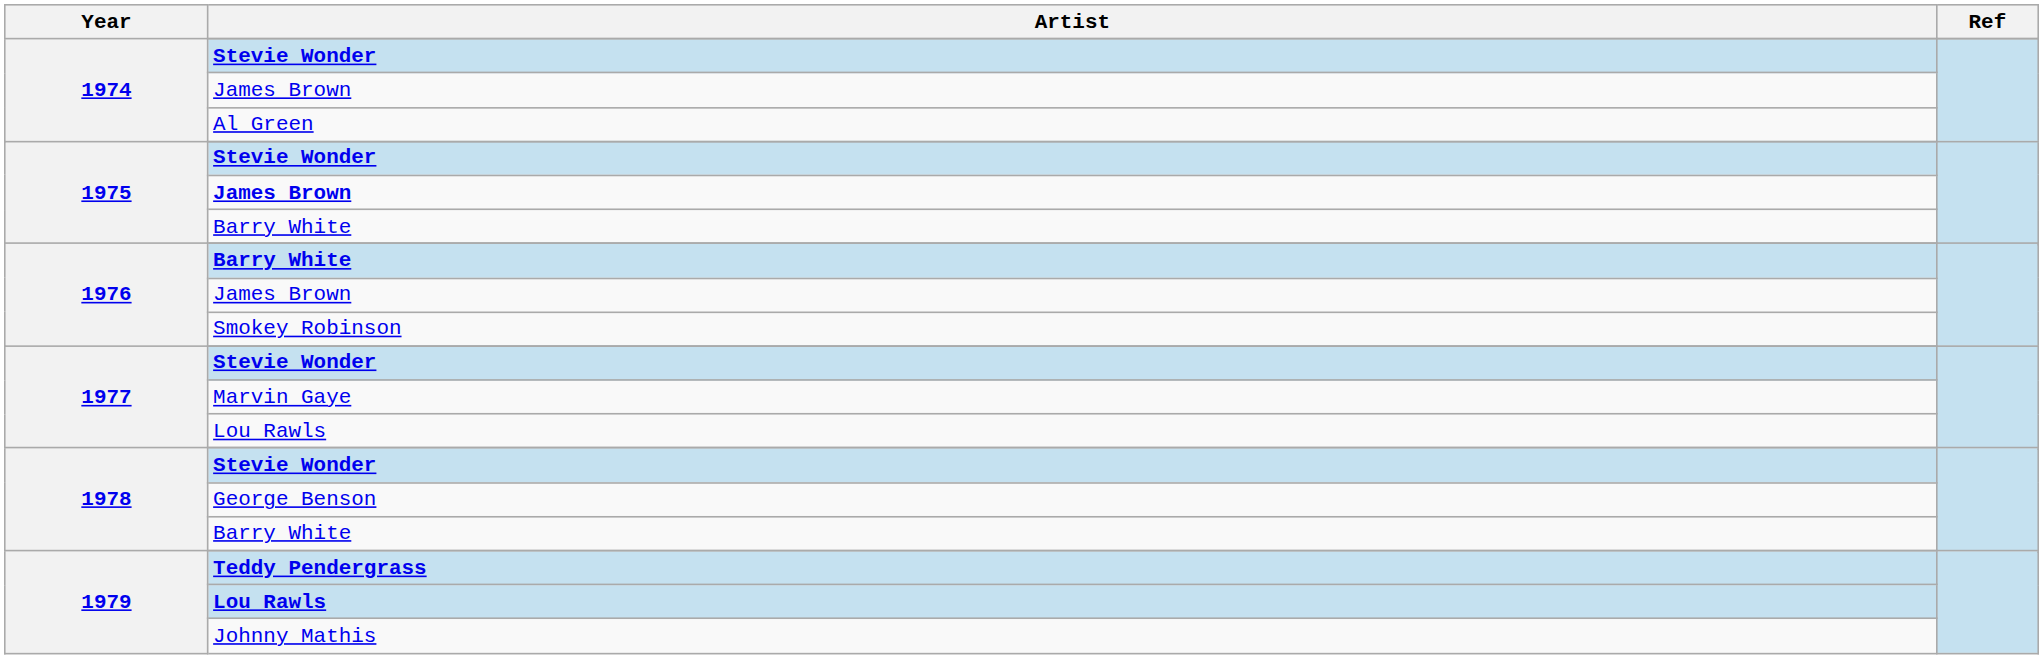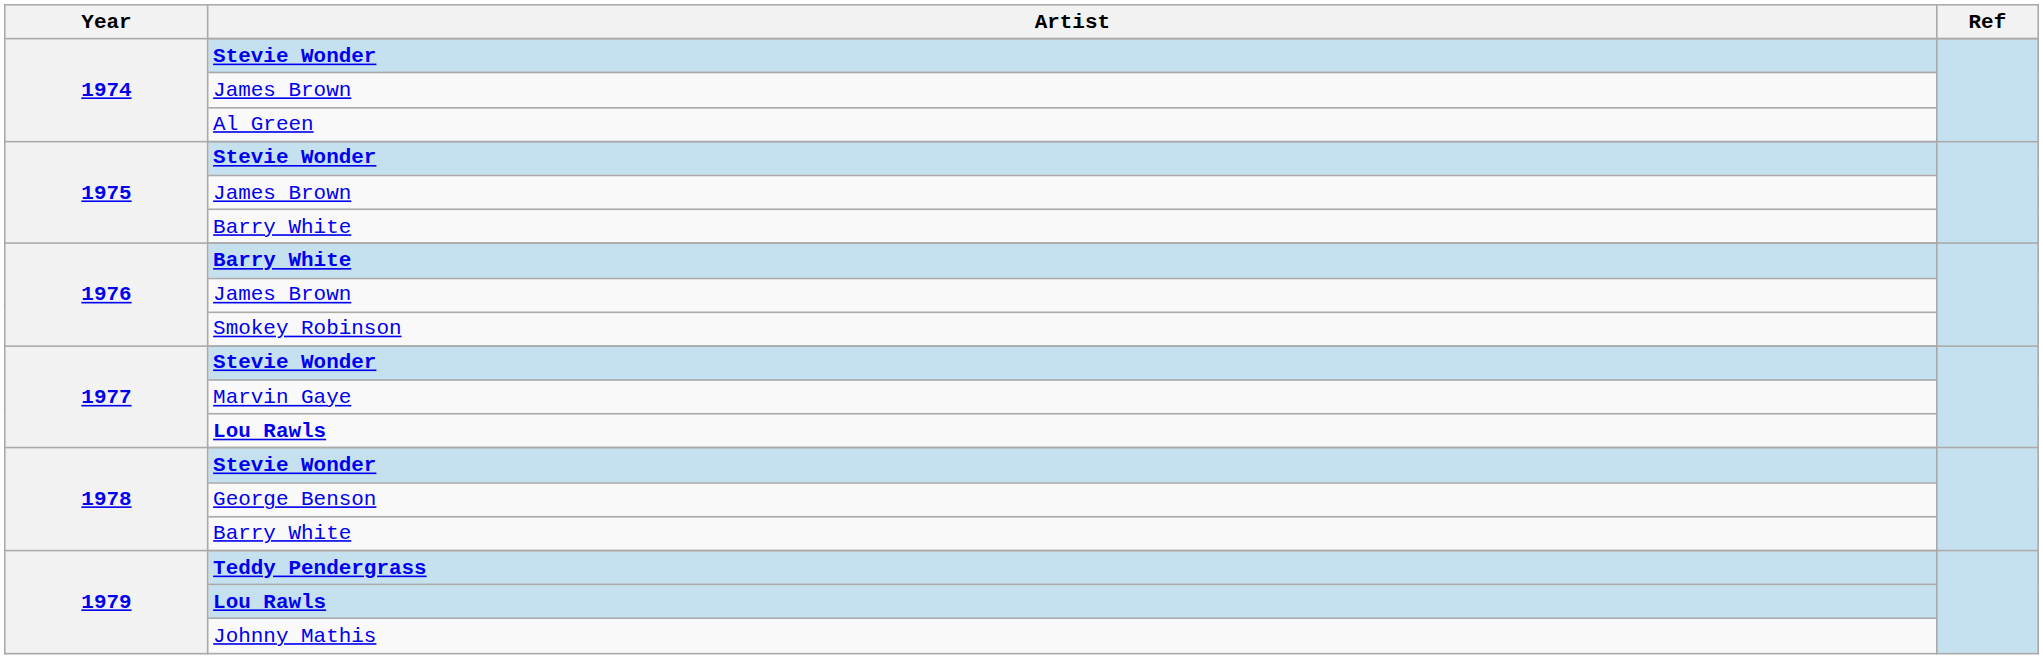 <table class="wikitable" width="100%">
 <tr>
 <th width="10%">Year</th>
 <th width="85%">Artist</th>
 <th width="5%">Ref</th>
 </tr>
 <tr>
 <th rowspan="4" align="center"><a href='#'>1974<br></a></th>
 </tr>
 <tr style="background:#c5e1f0">
 <td><strong><a href='#'>Stevie Wonder</a></strong></td>
 <td rowspan="4" align="center"></td>
 </tr>
 <tr>
 <td><a href='#'>James Brown</a></td>
 </tr>
 <tr>
 <td><a href='#'>Al Green</a></td>
 </tr>
 <tr>
 <th rowspan="4" align="center"><a href='#'>1975<br></a></th>
 </tr>
 <tr style="background:#c5e1f0">
 <td><strong><a href='#'>Stevie Wonder</a></strong></td>
 <td rowspan="4" align="center"></td>
 </tr>
 <tr>
-<td><strong><a href='#'>James Brown</a></strong></td>
+<td><a href='#'>James Brown</a></td>
 </tr>
 <tr>
 <td><a href='#'>Barry White</a></td>
 </tr>
 <tr>
 <th rowspan="4" align="center"><a href='#'>1976<br></a></th>
 </tr>
 <tr style="background:#c5e1f0">
 <td><strong><a href='#'>Barry White</a></strong></td>
 <td rowspan="4" align="center"></td>
 </tr>
 <tr>
 <td><a href='#'>James Brown</a></td>
 </tr>
 <tr>
 <td><a href='#'>Smokey Robinson</a></td>
 </tr>
 <tr>
 <th rowspan="4" align="center"><a href='#'>1977<br></a></th>
 </tr>
 <tr style="background:#c5e1f0">
 <td><strong><a href='#'>Stevie Wonder</a></strong></td>
 <td rowspan="4" align="center"></td>
 </tr>
 <tr>
 <td><a href='#'>Marvin Gaye</a></td>
 </tr>
 <tr>
-<td><a href='#'>Lou Rawls</a></td>
+<td><strong><a href='#'>Lou Rawls</a></strong></td>
 </tr>
 <tr>
 <th rowspan="4" align="center"><a href='#'>1978<br></a></th>
 </tr>
 <tr style="background:#c5e1f0">
 <td><strong><a href='#'>Stevie Wonder</a></strong></td>
 <td rowspan="4" align="center"></td>
 </tr>
 <tr>
 <td><a href='#'>George Benson</a></td>
 </tr>
 <tr>
 <td><a href='#'>Barry White</a></td>
 </tr>
 <tr>
 <th rowspan="4" align="center"><a href='#'>1979<br></a></th>
 </tr>
 <tr style="background:#c5e1f0">
 <td><strong><a href='#'>Teddy Pendergrass</a></strong></td>
 <td rowspan="4" align="center"></td>
 </tr>
 <tr style="background:#c5e1f0">
 <td><strong><a href='#'>Lou Rawls</a></strong></td>
 </tr>
 <tr>
 <td><a href='#'>Johnny Mathis</a></td>
 </tr>
 </table>
